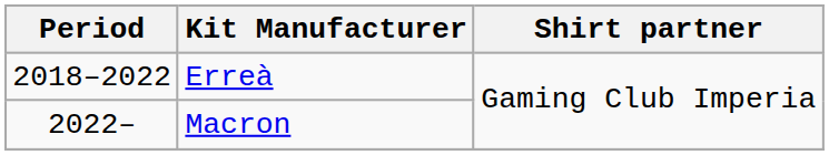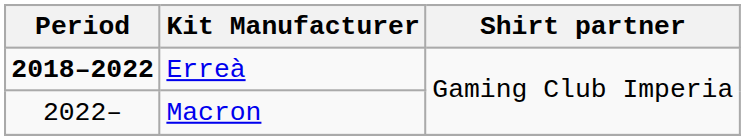 <table class="wikitable" style="text-align: center">
 <tr>
 <th>Period</th>
 <th>Kit Manufacturer</th>
 <th>Shirt partner</th>
 </tr>
 <tr>
-<td>2018–2022</td>
+<td><strong>2018–2022</strong></td>
 <td align="Left"> <a href='#'>Erreà</a></td>
 <td rowspan=2>Gaming Club Imperia</td>
 </tr>
 <tr>
 <td>2022–</td>
 <td align="Left"> <a href='#'>Macron</a></td>
 </tr>
 <tr>
 </tr>
 </table>
